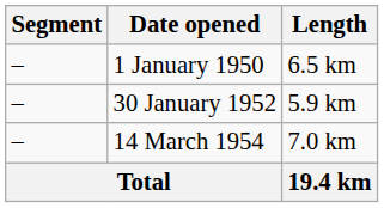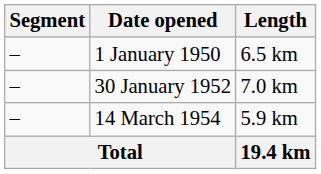 <table class="wikitable" style="border-collapse: collapse; text-align: left;">
 <tr>
 <th>Segment</th>
 <th>Date opened</th>
 <th>Length</th>
 </tr>
 <tr>
 <td> – </td>
 <td>1 January 1950</td>
 <td>6.5 km</td>
 </tr>
 <tr>
 <td> – </td>
 <td>30 January 1952</td>
-<td>5.9 km</td>
+<td>7.0 km</td>
 </tr>
 <tr>
 <td> – </td>
 <td>14 March 1954</td>
-<td>7.0 km</td>
+<td>5.9 km</td>
 </tr>
 <tr>
 <th colspan="2"><strong>Total</strong></th>
 <th><strong>19.4 km</strong></th>
 </tr>
 </table>
